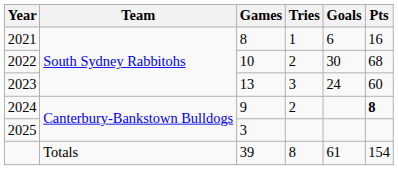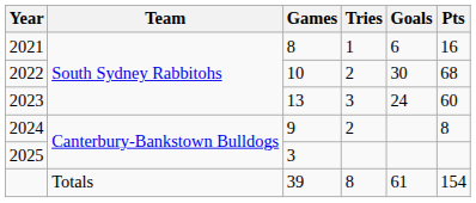 <table class="wikitable">
 <tr>
 <th>Year</th>
 <th>Team</th>
 <th>Games</th>
 <th>Tries</th>
 <th>Goals</th>
 <th>Pts</th>
 </tr>
 <tr>
 <td>2021</td>
 <td rowspan="3"> <a href='#'>South Sydney Rabbitohs</a></td>
 <td>8</td>
 <td>1</td>
 <td>6</td>
 <td>16</td>
 </tr>
 <tr>
 <td>2022</td>
 <td>10</td>
 <td>2</td>
 <td>30</td>
 <td>68</td>
 </tr>
 <tr>
 <td>2023</td>
 <td>13</td>
 <td>3</td>
 <td>24</td>
 <td>60</td>
 </tr>
 <tr>
 <td>2024</td>
 <td rowspan="2"> <a href='#'>Canterbury-Bankstown Bulldogs</a></td>
 <td>9</td>
 <td>2</td>
 <td></td>
-<td><strong>8</strong></td>
+<td>8</td>
 </tr>
 <tr>
 <td>2025</td>
 <td>3</td>
 <td></td>
 <td></td>
 <td></td>
 </tr>
 <tr>
 <td></td>
 <td>Totals</td>
 <td>39</td>
 <td>8</td>
 <td>61</td>
 <td>154</td>
 </tr>
 </table>
